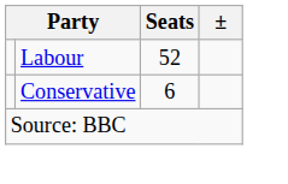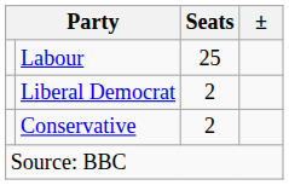 <table class="sortable wikitable">
 <tr>
 <th colspan="2">Party</th>
 <th>Seats</th>
 <th>  ±  </th>
 </tr>
 <tr>
 <td style="background-color: "></td>
 <td><a href='#'>Labour</a></td>
-<td align="center">52</td>
+<td align="center">25</td>
+<td align="center"></td>
+</tr>
+<tr>
+<td style="background-color: "></td>
+<td><a href='#'>Liberal Democrat</a></td>
+<td align="center">2</td>
 <td align="center"></td>
 </tr>
 <tr>
 <td style="background-color: "></td>
 <td><a href='#'>Conservative</a></td>
-<td align="center">6</td>
+<td align="center">2</td>
 <td align="center"></td>
 </tr>
 <tr>
 <td colspan=4>Source: BBC</td>
 </tr>
 </table>
